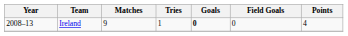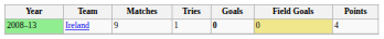 <table class="wikitable" style="font-size:75%;" width="60%">
 <tr>
 <th>Year</th>
 <th>Team</th>
 <th>Matches</th>
 <th>Tries</th>
 <th>Goals</th>
 <th>Field Goals</th>
 <th>Points</th>
 </tr>
 <tr>
-<td>2008–13</td>
+<td style="background: lightgreen;">2008–13</td>
 <td><a href='#'>Ireland</a></td>
 <td>9</td>
 <td>1</td>
 <td><strong>0</strong></td>
-<td>0</td>
+<td style="background: khaki;">0</td>
 <td>4</td>
 </tr>
 <tr>
 </tr>
 </table>
